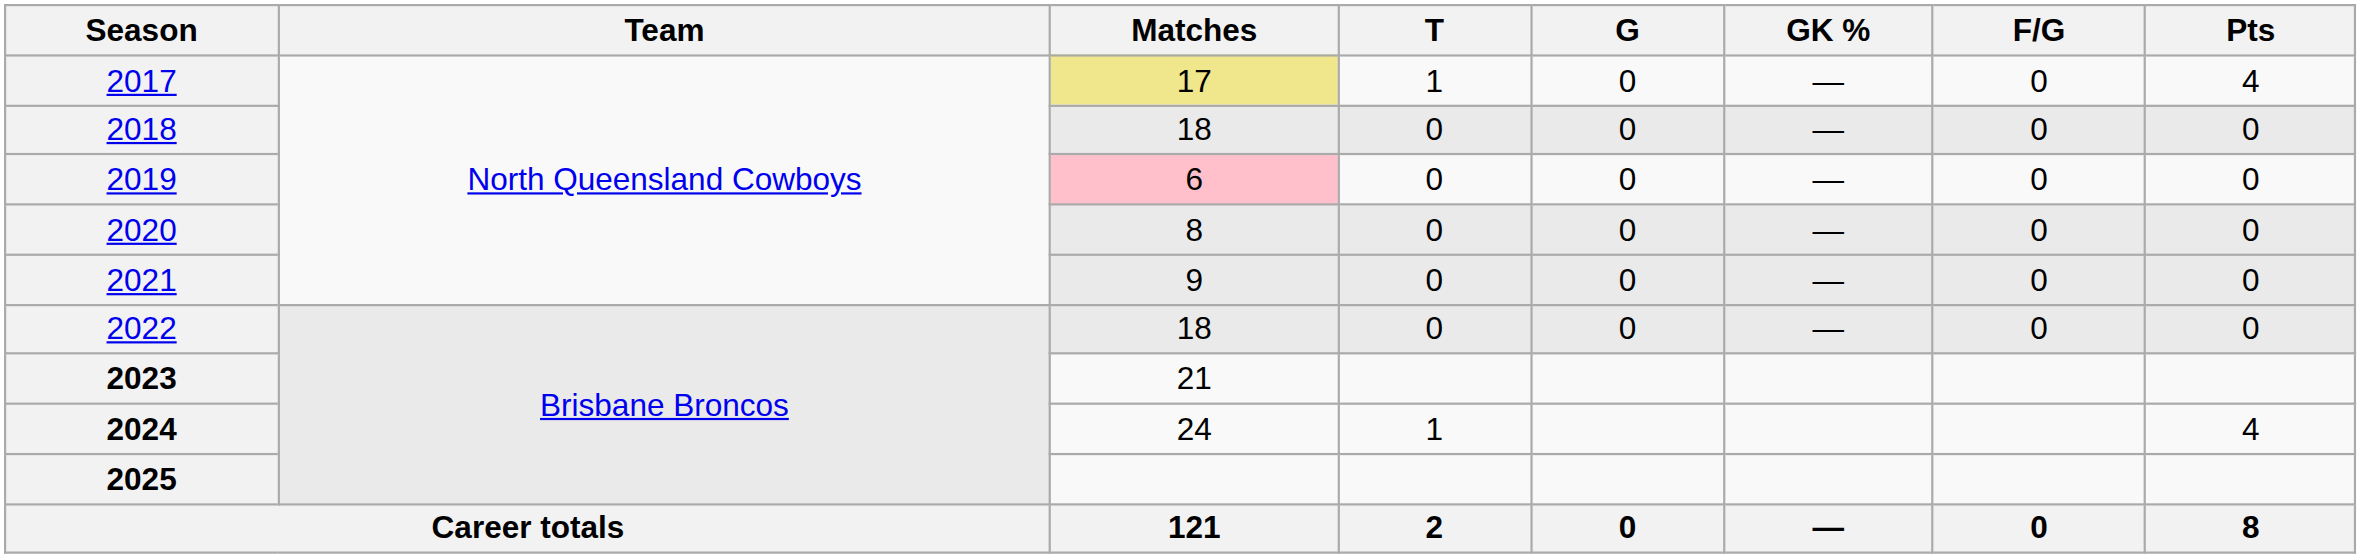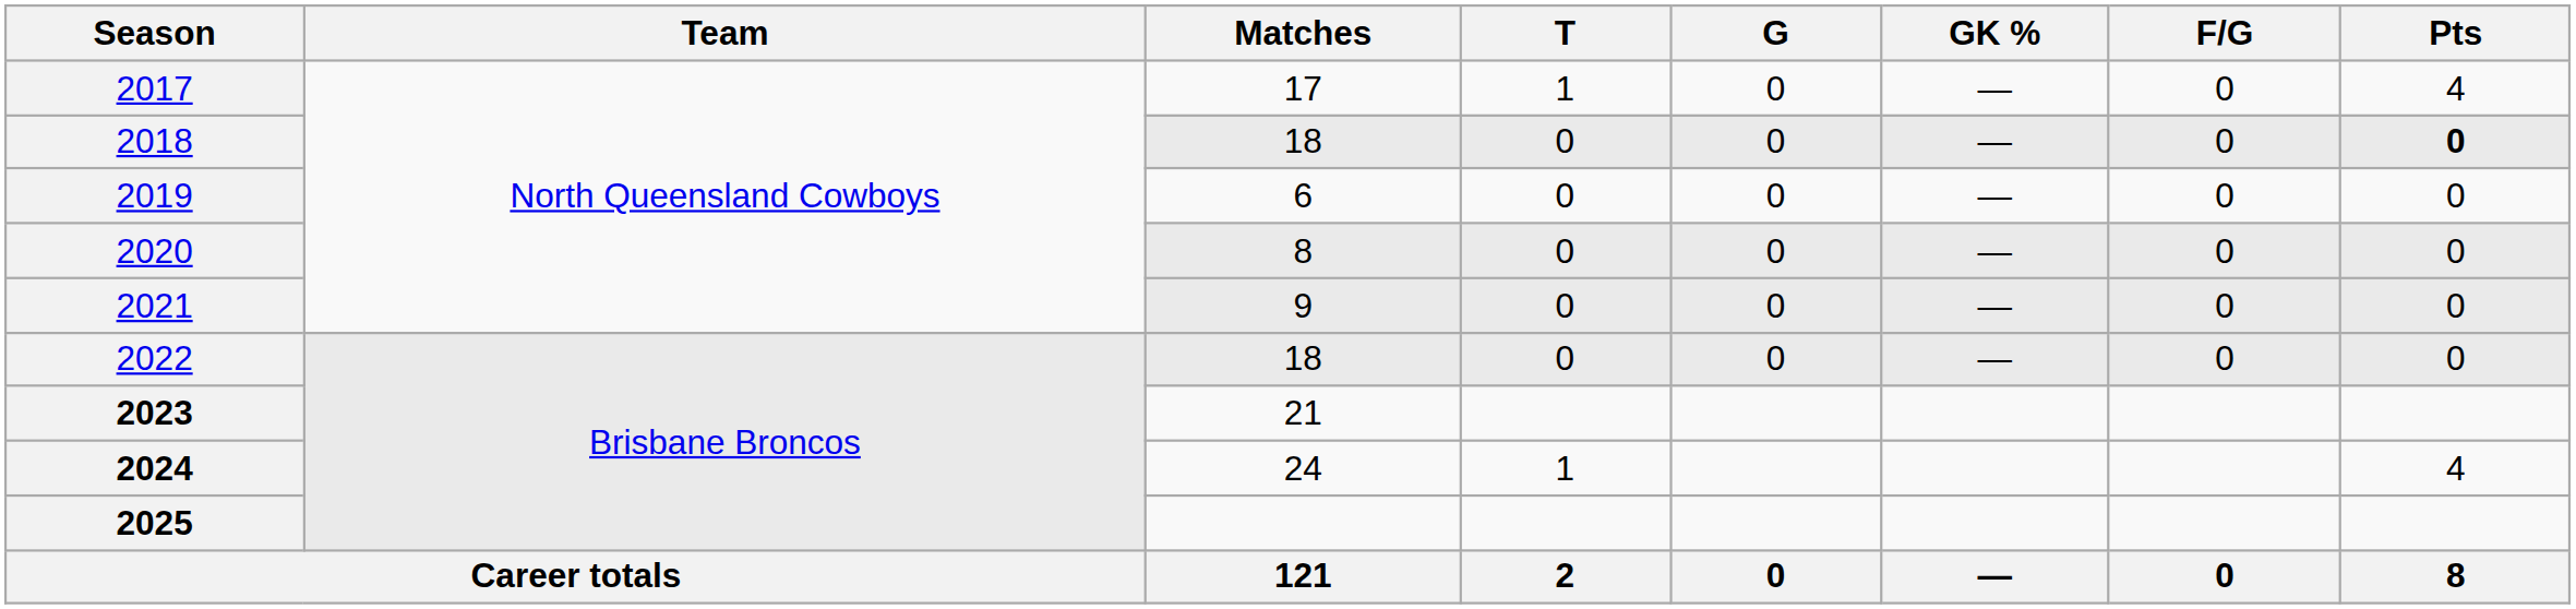 <table class="wikitable sortable"  style="font-size:90%; text-align:center; width:85%;">
 <tr>
 <th width=2%>Season</th>
 <th width=8%>Team</th>
 <th width=2%>Matches</th>
 <th width=2%>T</th>
 <th width=2%>G</th>
 <th width=2%>GK %</th>
 <th width=2%>F/G</th>
 <th width=2%>Pts</th>
 </tr>
 <tr>
 <th scope="row" style="text-align:center; font-weight:normal"><a href='#'>2017</a></th>
 <td rowspan="5" style="text-align:center;">  <a href='#'>North Queensland Cowboys</a></td>
-<td style="background: khaki;">17</td>
+<td>17</td>
 <td>1</td>
 <td>0</td>
 <td>—</td>
 <td>0</td>
 <td>4</td>
 </tr>
 <tr style="background:#eaeaea;">
 <th scope="row" style="text-align:center; font-weight:normal"><a href='#'>2018</a></th>
 <td>18</td>
 <td>0</td>
 <td>0</td>
 <td>—</td>
 <td>0</td>
-<td>0</td>
+<td><strong>0</strong></td>
 </tr>
 <tr>
 <th scope="row" style="text-align:center; font-weight:normal"><a href='#'>2019</a></th>
-<td style="background: pink;">6</td>
+<td>6</td>
 <td>0</td>
 <td>0</td>
 <td>—</td>
 <td>0</td>
 <td>0</td>
 </tr>
 <tr style="background:#eaeaea;">
 <th scope="row" style="text-align:center; font-weight:normal"><a href='#'>2020</a></th>
 <td>8</td>
 <td>0</td>
 <td>0</td>
 <td>—</td>
 <td>0</td>
 <td>0</td>
 </tr>
 <tr style="background:#eaeaea;">
 <th scope="row" style="text-align:center; font-weight:normal"><a href='#'>2021</a></th>
 <td>9</td>
 <td>0</td>
 <td>0</td>
 <td>—</td>
 <td>0</td>
 <td>0</td>
 </tr>
 <tr style="background:#eaeaea;">
 <th scope="row" style="text-align:center; font-weight:normal"><a href='#'>2022</a></th>
 <td rowspan="4" style="text-align:center;"> <a href='#'>Brisbane Broncos</a></td>
 <td>18</td>
 <td>0</td>
 <td>0</td>
 <td>—</td>
 <td>0</td>
 <td>0</td>
 </tr>
 <tr>
 <th>2023</th>
 <td>21</td>
 <td></td>
 <td></td>
 <td></td>
 <td></td>
 <td></td>
 </tr>
 <tr>
 <th>2024</th>
 <td>24</td>
 <td>1</td>
 <td></td>
 <td></td>
 <td></td>
 <td>4</td>
 </tr>
 <tr>
 <th>2025</th>
 <td></td>
 <td></td>
 <td></td>
 <td></td>
 <td></td>
 <td></td>
 </tr>
 <tr class="sortbottom">
 <th colspan="2">Career totals</th>
 <th>121</th>
 <th>2</th>
 <th>0</th>
 <th>—</th>
 <th>0</th>
 <th>8</th>
 </tr>
 </table>
